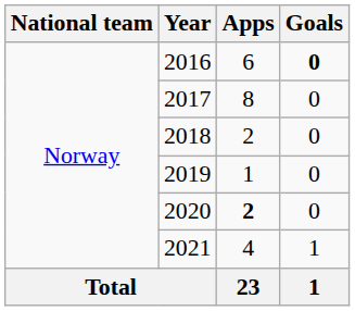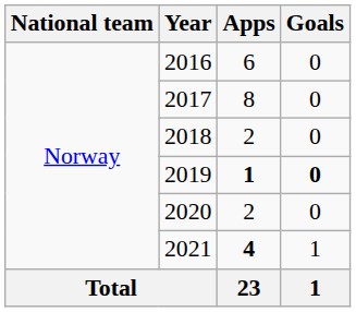 <table class=wikitable style=text-align:center>
 <tr>
 <th>National team</th>
 <th>Year</th>
 <th>Apps</th>
 <th>Goals</th>
 </tr>
 <tr>
 <td rowspan="6"><a href='#'>Norway</a></td>
 <td>2016</td>
 <td>6</td>
-<td><strong>0</strong></td>
+<td>0</td>
 </tr>
 <tr>
 <td>2017</td>
 <td>8</td>
 <td>0</td>
 </tr>
 <tr>
 <td>2018</td>
 <td>2</td>
 <td>0</td>
 </tr>
 <tr>
 <td>2019</td>
-<td>1</td>
-<td>0</td>
+<td><strong>1</strong></td>
+<td><strong>0</strong></td>
 </tr>
 <tr>
 <td>2020</td>
-<td><strong>2</strong></td>
+<td>2</td>
 <td>0</td>
 </tr>
 <tr>
 <td>2021</td>
-<td>4</td>
+<td><strong>4</strong></td>
 <td>1</td>
 </tr>
 <tr>
 <th colspan="2">Total</th>
 <th>23</th>
 <th>1</th>
 </tr>
 </table>
